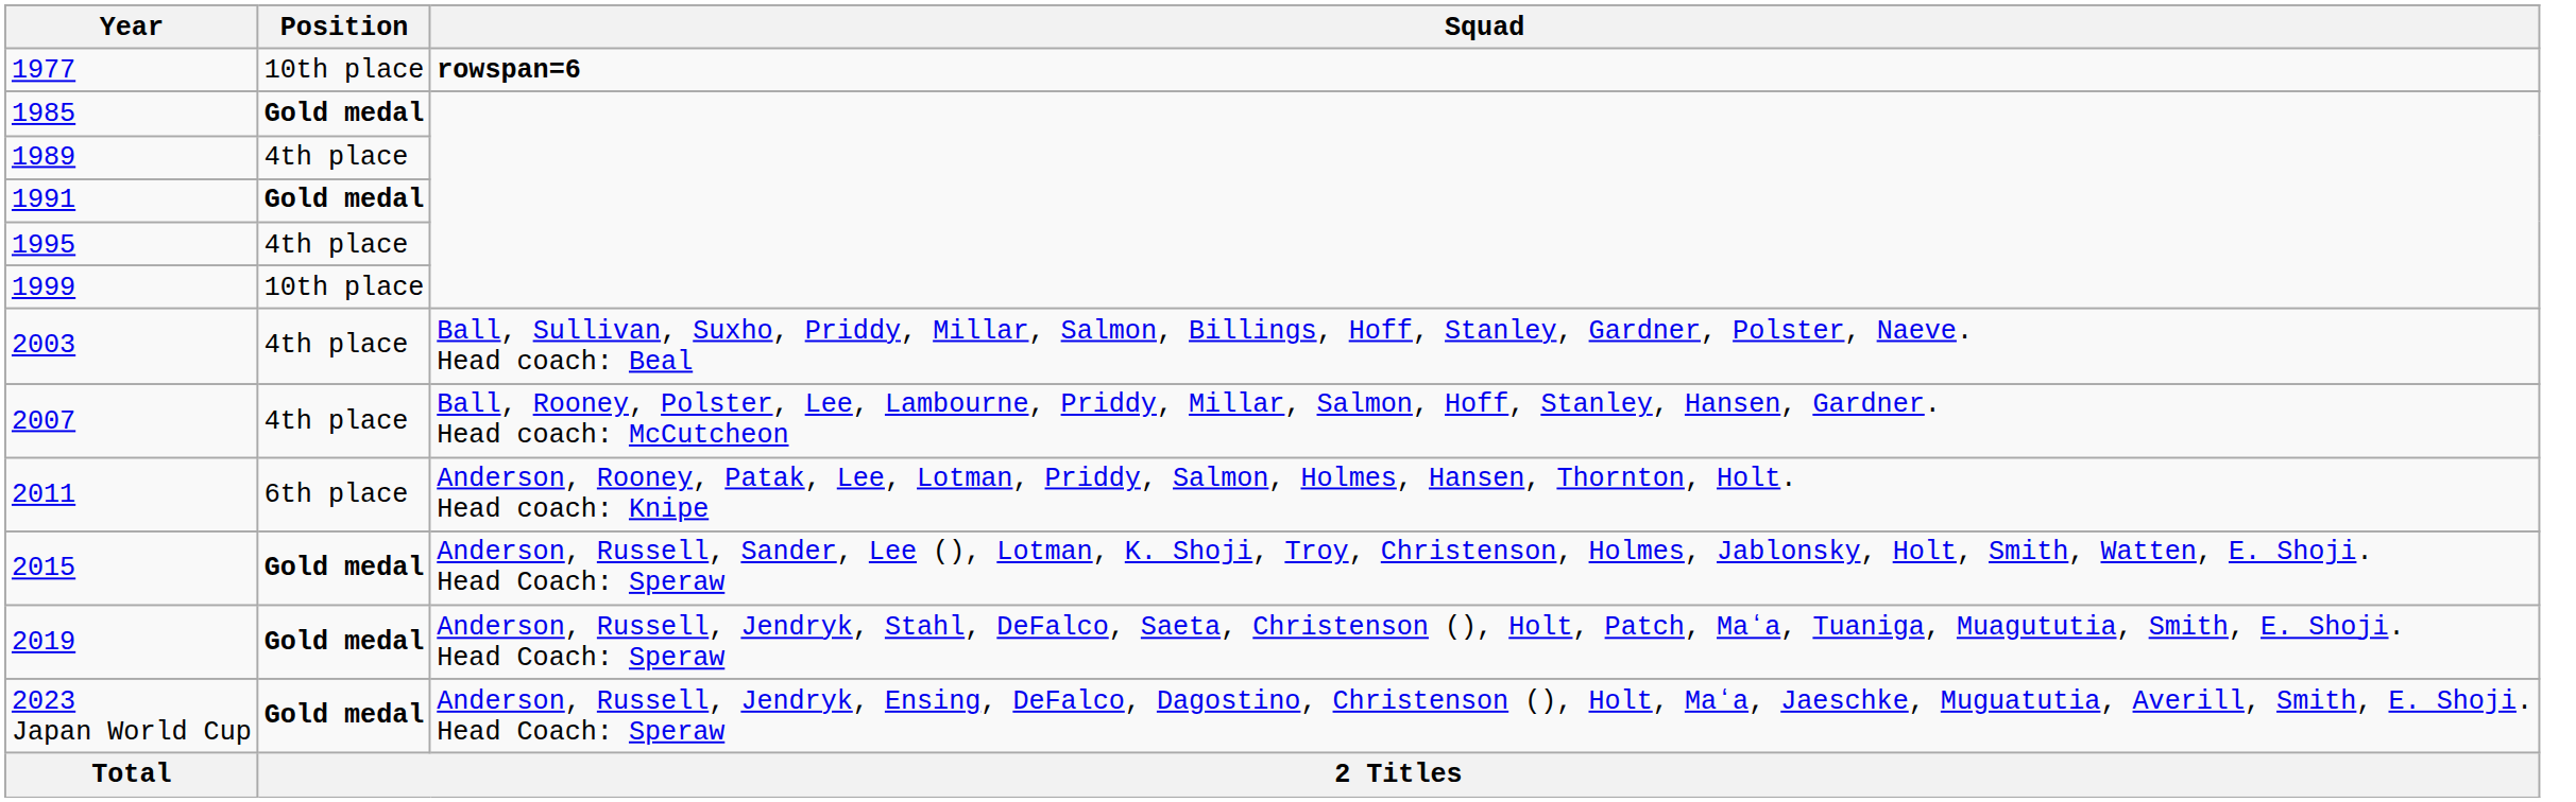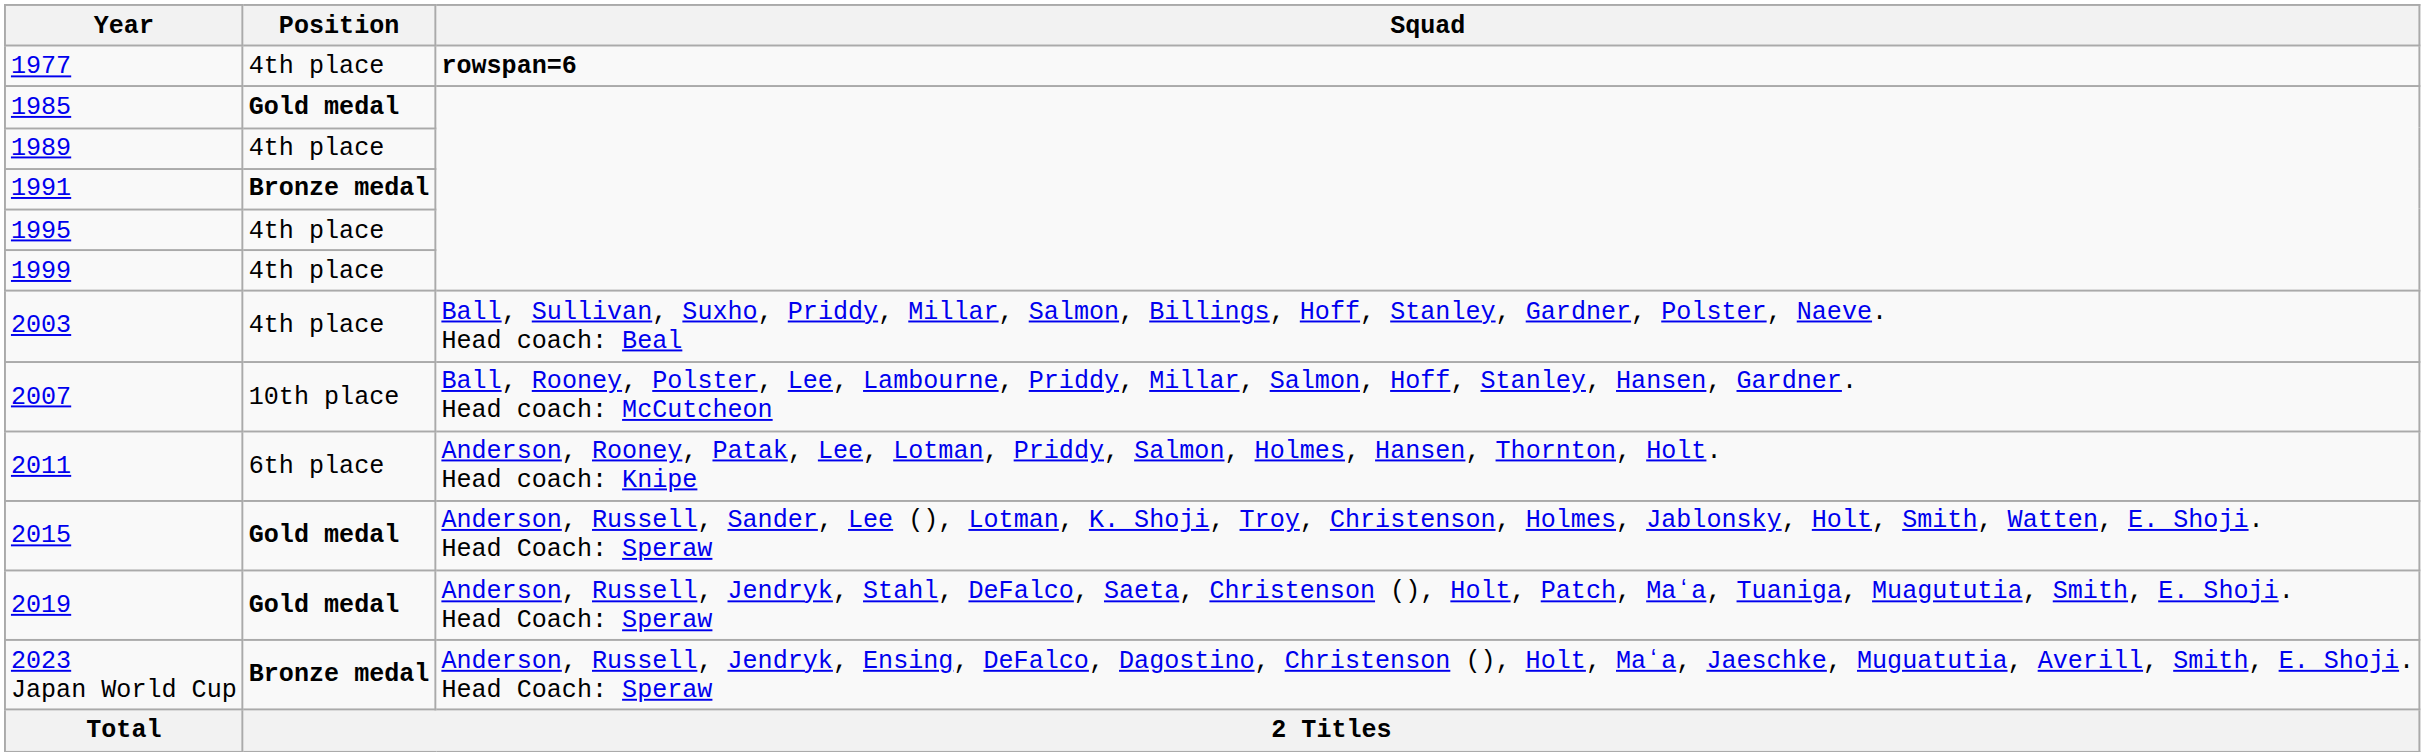 <table class="wikitable" style="text-align: center;">
 <tr>
 <th>Year</th>
 <th>Position</th>
 <th>Squad</th>
 </tr>
 <tr style="text-align:left;">
 <td><a href='#'>1977</a></td>
-<td>10th place</td>
+<td>4th place</td>
 <td><strong>rowspan=6 </strong></td>
 </tr>
 <tr style="text-align:left;">
 <td><a href='#'>1985</a></td>
 <td> <strong>Gold medal</strong></td>
 </tr>
 <tr style="text-align:left;">
 <td><a href='#'>1989</a></td>
 <td>4th place</td>
 </tr>
 <tr style="text-align:left;">
 <td><a href='#'>1991</a></td>
-<td> <strong>Gold medal</strong></td>
+<td> <strong>Bronze medal</strong></td>
 </tr>
 <tr style="text-align:left;">
 <td><a href='#'>1995</a></td>
 <td>4th place</td>
 </tr>
 <tr style="text-align:left;">
 <td><a href='#'>1999</a></td>
-<td>10th place</td>
+<td>4th place</td>
 </tr>
 <tr style="text-align:left;">
 <td><a href='#'>2003</a></td>
 <td>4th place</td>
 <td><a href='#'>Ball</a>, <a href='#'>Sullivan</a>, <a href='#'>Suxho</a>, <a href='#'>Priddy</a>, <a href='#'>Millar</a>, <a href='#'>Salmon</a>, <a href='#'>Billings</a>, <a href='#'>Hoff</a>, <a href='#'>Stanley</a>, <a href='#'>Gardner</a>, <a href='#'>Polster</a>, <a href='#'>Naeve</a>. <br>Head coach: <a href='#'>Beal</a></td>
 </tr>
 <tr style="text-align:left;">
 <td><a href='#'>2007</a></td>
-<td>4th place</td>
+<td>10th place</td>
 <td><a href='#'>Ball</a>, <a href='#'>Rooney</a>, <a href='#'>Polster</a>, <a href='#'>Lee</a>, <a href='#'>Lambourne</a>, <a href='#'>Priddy</a>, <a href='#'>Millar</a>, <a href='#'>Salmon</a>, <a href='#'>Hoff</a>, <a href='#'>Stanley</a>, <a href='#'>Hansen</a>, <a href='#'>Gardner</a>. <br>Head coach: <a href='#'>McCutcheon</a></td>
 </tr>
 <tr style="text-align:left;">
 <td><a href='#'>2011</a></td>
 <td>6th place</td>
 <td><a href='#'>Anderson</a>, <a href='#'>Rooney</a>, <a href='#'>Patak</a>, <a href='#'>Lee</a>, <a href='#'>Lotman</a>, <a href='#'>Priddy</a>, <a href='#'>Salmon</a>, <a href='#'>Holmes</a>, <a href='#'>Hansen</a>, <a href='#'>Thornton</a>, <a href='#'>Holt</a>. <br>Head coach: <a href='#'>Knipe</a></td>
 </tr>
 <tr style="text-align:left;">
 <td><a href='#'>2015</a></td>
 <td> <strong>Gold medal</strong></td>
 <td><a href='#'>Anderson</a>, <a href='#'>Russell</a>, <a href='#'>Sander</a>, <a href='#'>Lee</a> (), <a href='#'>Lotman</a>, <a href='#'>K. Shoji</a>, <a href='#'>Troy</a>, <a href='#'>Christenson</a>, <a href='#'>Holmes</a>, <a href='#'>Jablonsky</a>, <a href='#'>Holt</a>, <a href='#'>Smith</a>, <a href='#'>Watten</a>, <a href='#'>E. Shoji</a>. <br>Head Coach: <a href='#'>Speraw</a></td>
 </tr>
 <tr style="text-align:left;">
 <td><a href='#'>2019</a></td>
 <td> <strong>Gold medal</strong></td>
 <td><a href='#'>Anderson</a>, <a href='#'>Russell</a>, <a href='#'>Jendryk</a>, <a href='#'>Stahl</a>, <a href='#'>DeFalco</a>, <a href='#'>Saeta</a>, <a href='#'>Christenson</a> (), <a href='#'>Holt</a>, <a href='#'>Patch</a>, <a href='#'>Maʻa</a>, <a href='#'>Tuaniga</a>, <a href='#'>Muagututia</a>, <a href='#'>Smith</a>, <a href='#'>E. Shoji</a>. <br>Head Coach: <a href='#'>Speraw</a></td>
 </tr>
 <tr style="text-align:left;">
 <td><a href='#'>2023</a><br>Japan World Cup</td>
-<td> <strong>Gold medal</strong></td>
+<td> <strong>Bronze medal</strong></td>
 <td><a href='#'>Anderson</a>, <a href='#'>Russell</a>, <a href='#'>Jendryk</a>, <a href='#'>Ensing</a>, <a href='#'>DeFalco</a>, <a href='#'>Dagostino</a>, <a href='#'>Christenson</a> (), <a href='#'>Holt</a>, <a href='#'>Maʻa</a>, <a href='#'>Jaeschke</a>, <a href='#'>Muguatutia</a>, <a href='#'>Averill</a>, <a href='#'>Smith</a>,  <a href='#'>E. Shoji</a>. <br>Head Coach: <a href='#'>Speraw</a></td>
 </tr>
 <tr>
 <th>Total</th>
 <th colspan="2">2 Titles</th>
 </tr>
 </table>
